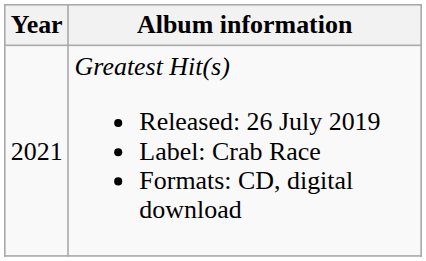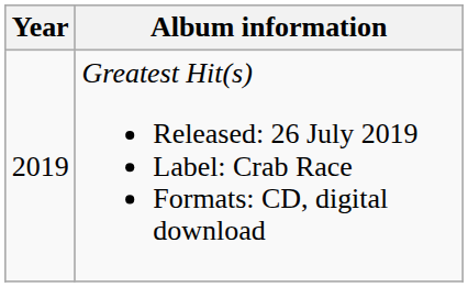 <table class="wikitable">
 <tr>
 <th>Year</th>
 <th style="width:210px;">Album information</th>
 </tr>
 <tr>
-<td>2021</td>
+<td>2019</td>
 <td><em>Greatest Hit(s)</em><br><ul><li>Released: 26 July 2019</li><li>Label: Crab Race</li><li>Formats: CD, digital download</li></ul></td>
 </tr>
 </table>
